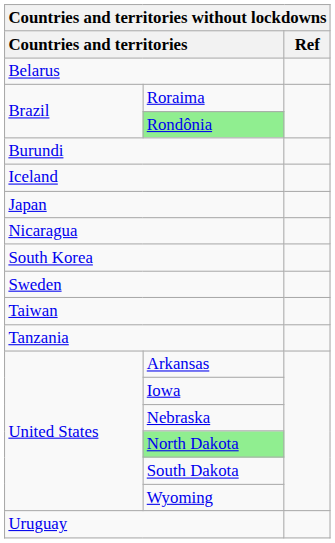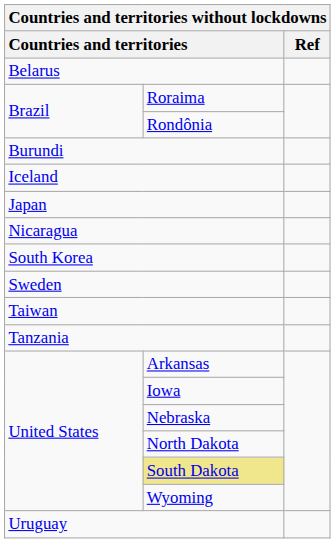 <table class="wikitable sortable mw-collapsible">
 <tr>
 <th colspan=3>Countries and territories without lockdowns</th>
 </tr>
 <tr>
 <th colspan=2 style="text-align:left;">Countries and territories</th>
 <th>Ref</th>
 </tr>
 <tr>
 <td colspan="2" style="text-align:left;"> <a href='#'>Belarus</a></td>
 <td></td>
 </tr>
 <tr>
 <td rowspan="2" style="text-align:left;"> <a href='#'>Brazil</a></td>
 <td style="text-align:left"><a href='#'>Roraima</a></td>
 <td rowspan="2" style="text-align:left"></td>
 </tr>
 <tr>
-<td style="background: lightgreen; text-align:left"><a href='#'>Rondônia</a></td>
+<td style="text-align:left"><a href='#'>Rondônia</a></td>
 </tr>
 <tr>
 <td colspan="2" style="text-align:left;"> <a href='#'>Burundi</a></td>
 <td></td>
 </tr>
 <tr>
 <td colspan=2 style="text-align:left;"> <a href='#'>Iceland</a></td>
 <td></td>
 </tr>
 <tr>
 <td colspan=2 style="text-align:left;"> <a href='#'>Japan</a></td>
 <td></td>
 </tr>
 <tr>
 <td colspan="2" style="text-align:left;"> <a href='#'>Nicaragua</a></td>
 <td></td>
 </tr>
 <tr>
 <td colspan="2" style="text-align:left;"> <a href='#'>South Korea</a></td>
 <td></td>
 </tr>
 <tr>
 <td colspan="2" style="text-align:left;"> <a href='#'>Sweden</a></td>
 <td></td>
 </tr>
 <tr>
 <td colspan="2" style="text-align:left;"> <a href='#'>Taiwan</a></td>
 <td></td>
 </tr>
 <tr>
 <td colspan=2 style="text-align:left;"> <a href='#'>Tanzania</a></td>
 <td></td>
 </tr>
 <tr>
 <td rowspan=6 style="text-align:left;"> <a href='#'>United States</a></td>
 <td style="text-align:left"><a href='#'>Arkansas</a></td>
 <td rowspan=6 style="text-align:left"></td>
 </tr>
 <tr>
 <td style="text-align:left"><a href='#'>Iowa</a></td>
 </tr>
 <tr>
 <td style="text-align:left"><a href='#'>Nebraska</a></td>
 </tr>
 <tr>
-<td style="background: lightgreen; text-align:left"><a href='#'>North Dakota</a></td>
+<td style="text-align:left"><a href='#'>North Dakota</a></td>
 </tr>
 <tr>
-<td style="text-align:left"><a href='#'>South Dakota</a></td>
+<td style="background: khaki; text-align:left"><a href='#'>South Dakota</a></td>
 </tr>
 <tr>
 <td style="text-align:left"><a href='#'>Wyoming</a></td>
 </tr>
 <tr>
 <td colspan="2"> <a href='#'>Uruguay</a></td>
 <td></td>
 </tr>
 </table>
